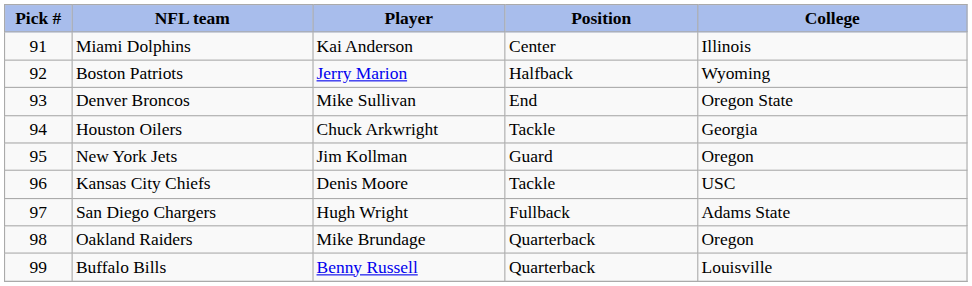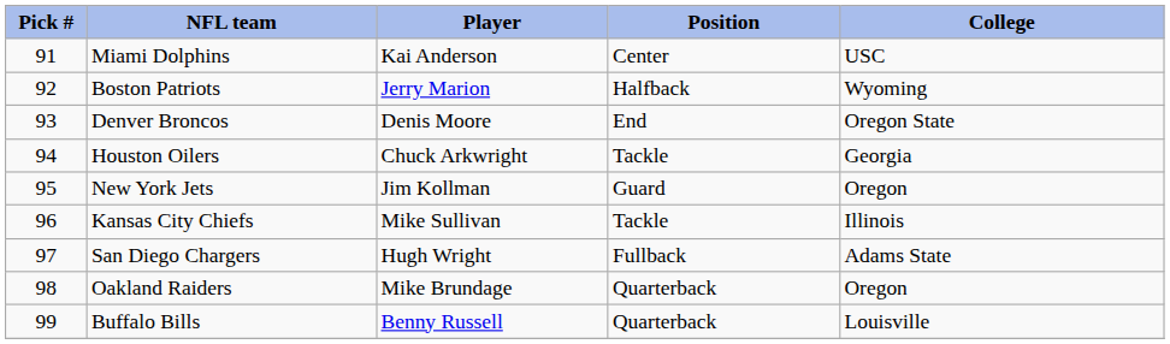 <table class="wikitable sortable sortable" style="width: 100%">
 <tr>
 <th style="background:#A8BDEC;" width=7%>Pick #</th>
 <th width=25% style="background:#A8BDEC;">NFL team</th>
 <th width=20% style="background:#A8BDEC;">Player</th>
 <th width=20% style="background:#A8BDEC;">Position</th>
 <th style="background:#A8BDEC;">College</th>
 </tr>
 <tr>
 <td align=center>91</td>
 <td>Miami Dolphins</td>
 <td>Kai Anderson</td>
 <td>Center</td>
-<td>Illinois</td>
+<td>USC</td>
 </tr>
 <tr>
 <td align=center>92</td>
 <td>Boston Patriots</td>
 <td><a href='#'>Jerry Marion</a></td>
 <td>Halfback</td>
 <td>Wyoming</td>
 </tr>
 <tr>
 <td align=center>93</td>
 <td>Denver Broncos</td>
-<td Mike Sullivan (end)>Mike Sullivan</td>
+<td Denis Moore (American football)>Denis Moore</td>
 <td>End</td>
 <td>Oregon State</td>
 </tr>
 <tr>
 <td align=center>94</td>
 <td>Houston Oilers</td>
 <td>Chuck Arkwright</td>
 <td>Tackle</td>
 <td>Georgia</td>
 </tr>
 <tr>
 <td align=center>95</td>
 <td>New York Jets</td>
 <td>Jim Kollman</td>
 <td>Guard</td>
 <td>Oregon</td>
 </tr>
 <tr>
 <td align=center>96</td>
 <td>Kansas City Chiefs</td>
-<td Denis Moore (American football)>Denis Moore</td>
+<td Mike Sullivan (end)>Mike Sullivan</td>
 <td>Tackle</td>
-<td>USC</td>
+<td>Illinois</td>
 </tr>
 <tr>
 <td align=center>97</td>
 <td>San Diego Chargers</td>
 <td Hugh Wright (American football)>Hugh Wright</td>
 <td>Fullback</td>
 <td>Adams State</td>
 </tr>
 <tr>
 <td align=center>98</td>
 <td>Oakland Raiders</td>
 <td>Mike Brundage</td>
 <td>Quarterback</td>
 <td>Oregon</td>
 </tr>
 <tr>
 <td align=center>99</td>
 <td>Buffalo Bills</td>
 <td><a href='#'>Benny Russell</a></td>
 <td>Quarterback</td>
 <td>Louisville</td>
 </tr>
 <tr>
 </tr>
 </table>
